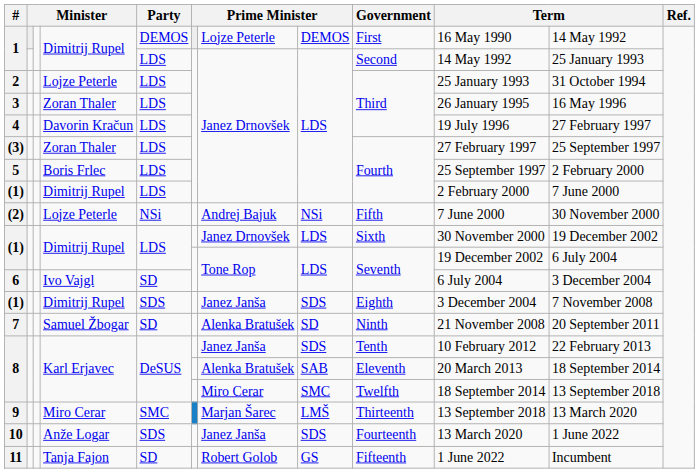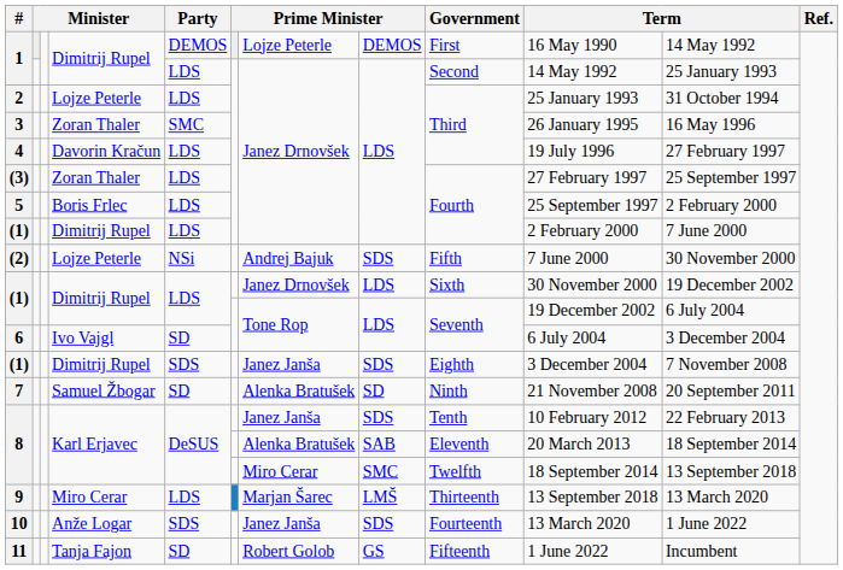 <table class="wikitable">
 <tr>
 <th>#</th>
 <th colspan="3">Minister</th>
 <th>Party</th>
 <th colspan="3">Prime Minister</th>
 <th>Government</th>
 <th colspan="2">Term</th>
 <th>Ref.</th>
 </tr>
 <tr>
 <th rowspan="2"><strong>1</strong></th>
 <td style="background:#EEEEEE"></td>
 <td rowspan="2"></td>
 <td rowspan="2"><a href='#'>Dimitrij Rupel</a></td>
 <td><a href='#'>DEMOS</a></td>
 <td style="background:#EEEEEE"></td>
 <td><a href='#'>Lojze Peterle</a></td>
 <td><a href='#'>DEMOS</a></td>
 <td><a href='#'>First</a></td>
 <td>16 May 1990</td>
 <td>14 May 1992</td>
 <td rowspan="20"></td>
 </tr>
 <tr>
 <td style="background-color: "></td>
 <td><a href='#'>LDS</a></td>
 <td rowspan="7" style="background-color: "></td>
 <td rowspan="7"><a href='#'>Janez Drnovšek</a></td>
 <td rowspan="7"><a href='#'>LDS</a></td>
 <td><a href='#'>Second</a></td>
 <td>14 May 1992</td>
 <td>25 January 1993</td>
 </tr>
 <tr>
 <th><strong>2</strong></th>
 <td style="background:"></td>
 <td></td>
 <td><a href='#'>Lojze Peterle</a></td>
 <td><a href='#'>LDS</a></td>
 <td rowspan="3"><a href='#'>Third</a></td>
 <td>25 January 1993</td>
 <td>31 October 1994</td>
 </tr>
 <tr>
 <th><strong>3</strong></th>
 <td style="background-color: "></td>
 <td></td>
 <td><a href='#'>Zoran Thaler</a></td>
-<td><a href='#'>LDS</a></td>
+<td><a href='#'>SMC</a></td>
 <td>26 January 1995</td>
 <td>16 May 1996</td>
 </tr>
 <tr>
 <th><strong>4</strong></th>
 <td style="background-color: "></td>
 <td></td>
 <td><a href='#'>Davorin Kračun</a></td>
 <td><a href='#'>LDS</a></td>
 <td>19 July 1996</td>
 <td>27 February 1997</td>
 </tr>
 <tr>
 <th><strong>(3)</strong></th>
 <td style="background-color: "></td>
 <td></td>
 <td><a href='#'>Zoran Thaler</a></td>
 <td><a href='#'>LDS</a></td>
 <td rowspan="3"><a href='#'>Fourth</a></td>
 <td>27 February 1997</td>
 <td>25 September 1997</td>
 </tr>
 <tr>
 <th><strong>5</strong></th>
 <td style="background-color: "></td>
 <td></td>
 <td><a href='#'>Boris Frlec</a></td>
 <td><a href='#'>LDS</a></td>
 <td>25 September 1997</td>
 <td>2 February 2000</td>
 </tr>
 <tr>
 <th><strong>(1)</strong></th>
 <td style="background-color: "></td>
 <td></td>
 <td><a href='#'>Dimitrij Rupel</a></td>
 <td><a href='#'>LDS</a></td>
 <td>2 February 2000</td>
 <td>7 June 2000</td>
 </tr>
 <tr>
 <th><strong>(2)</strong></th>
 <td style="background:"></td>
 <td></td>
 <td><a href='#'>Lojze Peterle</a></td>
 <td><a href='#'>NSi</a></td>
 <td style="background:"></td>
 <td><a href='#'>Andrej Bajuk</a></td>
-<td><a href='#'>NSi</a></td>
+<td><a href='#'>SDS</a></td>
 <td><a href='#'>Fifth</a></td>
 <td>7 June 2000</td>
 <td>30 November 2000</td>
 </tr>
 <tr>
 <th rowspan="2"><strong>(1)</strong></th>
 <td rowspan="2" style="background-color: "></td>
 <td rowspan="2"></td>
 <td rowspan="2"><a href='#'>Dimitrij Rupel</a></td>
 <td rowspan="2"><a href='#'>LDS</a></td>
 <td style="background-color: "></td>
 <td><a href='#'>Janez Drnovšek</a></td>
 <td><a href='#'>LDS</a></td>
 <td><a href='#'>Sixth</a></td>
 <td>30 November 2000</td>
 <td>19 December 2002</td>
 </tr>
 <tr>
 <td rowspan="2" style="background-color: "></td>
 <td rowspan="2"><a href='#'>Tone Rop</a></td>
 <td rowspan="2"><a href='#'>LDS</a></td>
 <td rowspan="2"><a href='#'>Seventh</a></td>
 <td>19 December 2002</td>
 <td>6 July 2004</td>
 </tr>
 <tr>
 <th><strong>6</strong></th>
 <td style="background-color: "></td>
 <td></td>
 <td><a href='#'>Ivo Vajgl</a></td>
 <td><a href='#'>SD</a></td>
 <td>6 July 2004</td>
 <td>3 December 2004</td>
 </tr>
 <tr>
 <th><strong>(1)</strong></th>
 <td style="background:"></td>
 <td></td>
 <td><a href='#'>Dimitrij Rupel</a></td>
 <td><a href='#'>SDS</a></td>
 <td style="background:"></td>
 <td><a href='#'>Janez Janša</a></td>
 <td><a href='#'>SDS</a></td>
 <td><a href='#'>Eighth</a></td>
 <td>3 December 2004</td>
 <td>7 November 2008</td>
 </tr>
 <tr>
 <th><strong>7</strong></th>
 <td style="background-color: "></td>
 <td></td>
 <td><a href='#'>Samuel Žbogar</a></td>
 <td><a href='#'>SD</a></td>
 <td style="background-color: "></td>
 <td><a href='#'>Alenka Bratušek</a></td>
 <td><a href='#'>SD</a></td>
 <td><a href='#'>Ninth</a></td>
 <td>21 November 2008</td>
 <td>20 September 2011</td>
 </tr>
 <tr>
 <th rowspan="3"><strong>8</strong></th>
 <td rowspan="3" style="background:"></td>
 <td rowspan="3"></td>
 <td rowspan="3"><a href='#'>Karl Erjavec</a></td>
 <td rowspan="3"><a href='#'>DeSUS</a></td>
 <td style="background:"></td>
 <td><a href='#'>Janez Janša</a></td>
 <td><a href='#'>SDS</a></td>
 <td><a href='#'>Tenth</a></td>
 <td>10 February 2012</td>
 <td>22 February 2013</td>
 </tr>
 <tr>
 <td style="background:"></td>
 <td><a href='#'>Alenka Bratušek</a></td>
 <td><a href='#'>SAB</a></td>
 <td><a href='#'>Eleventh</a></td>
 <td>20 March 2013</td>
 <td>18 September 2014</td>
 </tr>
 <tr>
 <td style="background-color: "></td>
 <td><a href='#'>Miro Cerar</a></td>
 <td><a href='#'>SMC</a></td>
 <td><a href='#'>Twelfth</a></td>
 <td>18 September 2014</td>
 <td>13 September 2018</td>
 </tr>
 <tr>
 <th><strong>9</strong></th>
 <td style="background-color: "></td>
 <td></td>
 <td><a href='#'>Miro Cerar</a></td>
-<td><a href='#'>SMC</a></td>
+<td><a href='#'>LDS</a></td>
 <td style="background:#1980C7"></td>
 <td><a href='#'>Marjan Šarec</a></td>
 <td><a href='#'>LMŠ</a></td>
 <td><a href='#'>Thirteenth</a></td>
 <td>13 September 2018</td>
 <td>13 March 2020</td>
 </tr>
 <tr>
 <th>10</th>
 <td style="background-color: "></td>
 <td></td>
 <td><a href='#'>Anže Logar</a></td>
 <td><a href='#'>SDS</a></td>
 <td style="background:"></td>
 <td><a href='#'>Janez Janša</a></td>
 <td><a href='#'>SDS</a></td>
 <td><a href='#'>Fourteenth</a></td>
 <td>13 March 2020</td>
 <td>1 June 2022</td>
 </tr>
 <tr>
 <th>11</th>
 <td style="background-color: "></td>
 <td></td>
 <td><a href='#'>Tanja Fajon</a></td>
 <td><a href='#'>SD</a></td>
 <td style="background:"></td>
 <td><a href='#'>Robert Golob</a></td>
 <td><a href='#'>GS</a></td>
 <td><a href='#'>Fifteenth</a></td>
 <td>1 June 2022</td>
 <td>Incumbent</td>
 </tr>
 </table>
